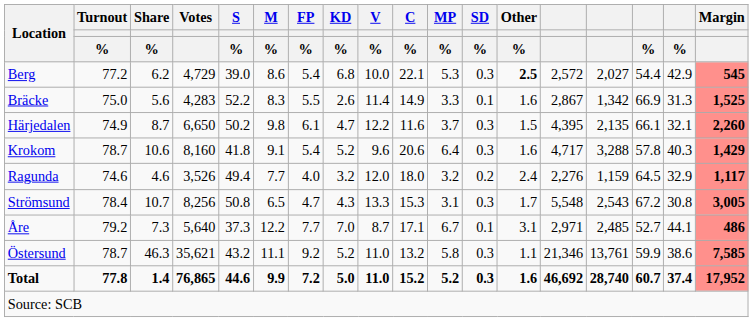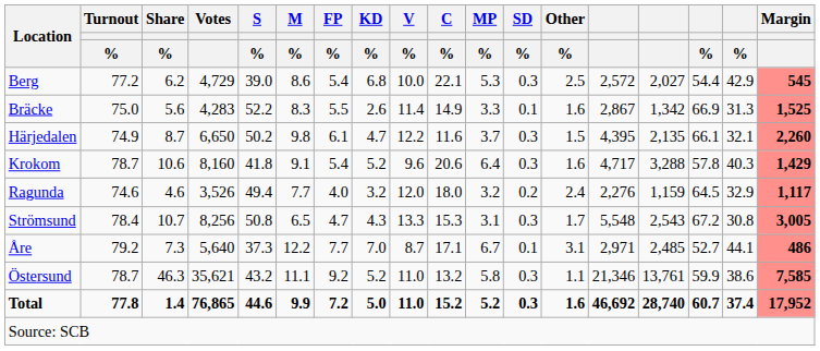 <table class="wikitable sortable" style="text-align:right; font-size:95%; line-height:20px;">
 <tr>
 <th rowspan="3">Location</th>
 <th>Turnout</th>
 <th>Share</th>
 <th>Votes</th>
 <th width="30px" class="unsortable"><a href='#'>S</a></th>
 <th width="30px" class="unsortable"><a href='#'>M</a></th>
 <th width="30px" class="unsortable"><a href='#'>FP</a></th>
 <th width="30px" class="unsortable"><a href='#'>KD</a></th>
 <th width="30px" class="unsortable"><a href='#'>V</a></th>
 <th width="30px" class="unsortable"><a href='#'>C</a></th>
 <th width="30px" class="unsortable"><a href='#'>MP</a></th>
 <th width="30px" class="unsortable"><a href='#'>SD</a></th>
 <th width="30px" class="unsortable">Other</th>
 <th></th>
 <th></th>
 <th></th>
 <th></th>
 <th>Margin</th>
 </tr>
 <tr>
 <th></th>
 <th></th>
 <th></th>
 <th style="background:"></th>
 <th style="background:"></th>
 <th style="background:"></th>
 <th style="background:"></th>
 <th style="background:"></th>
 <th style="background:"></th>
 <th style="background:"></th>
 <th style="background:"></th>
 <th style="background:"></th>
 <th style="background:"></th>
 <th style="background:"></th>
 <th style="background:"></th>
 <th style="background:"></th>
 <th></th>
 </tr>
 <tr>
 <th data-sort-type="number">%</th>
 <th data-sort-type="number">%</th>
 <th></th>
 <th data-sort-type="number">%</th>
 <th data-sort-type="number">%</th>
 <th data-sort-type="number">%</th>
 <th data-sort-type="number">%</th>
 <th data-sort-type="number">%</th>
 <th data-sort-type="number">%</th>
 <th data-sort-type="number">%</th>
 <th data-sort-type="number">%</th>
 <th data-sort-type="number">%</th>
 <th data-sort-type="number"></th>
 <th data-sort-type="number"></th>
 <th data-sort-type="number">%</th>
 <th data-sort-type="number">%</th>
 <th data-sort-type="number"></th>
 </tr>
 <tr>
 <td align=left><a href='#'>Berg</a></td>
 <td>77.2</td>
 <td>6.2</td>
 <td>4,729</td>
 <td>39.0</td>
 <td>8.6</td>
 <td>5.4</td>
 <td>6.8</td>
 <td>10.0</td>
 <td>22.1</td>
 <td>5.3</td>
 <td>0.3</td>
-<td><strong>2.5</strong></td>
+<td>2.5</td>
 <td>2,572</td>
 <td>2,027</td>
 <td>54.4</td>
 <td>42.9</td>
 <td bgcolor=#ff908c><strong>545</strong></td>
 </tr>
 <tr>
 <td align=left><a href='#'>Bräcke</a></td>
 <td>75.0</td>
 <td>5.6</td>
 <td>4,283</td>
 <td>52.2</td>
 <td>8.3</td>
 <td>5.5</td>
 <td>2.6</td>
 <td>11.4</td>
 <td>14.9</td>
 <td>3.3</td>
 <td>0.1</td>
 <td>1.6</td>
 <td>2,867</td>
 <td>1,342</td>
 <td>66.9</td>
 <td>31.3</td>
 <td bgcolor=#ff908c><strong>1,525</strong></td>
 </tr>
 <tr>
 <td align=left><a href='#'>Härjedalen</a></td>
 <td>74.9</td>
 <td>8.7</td>
 <td>6,650</td>
 <td>50.2</td>
 <td>9.8</td>
 <td>6.1</td>
 <td>4.7</td>
 <td>12.2</td>
 <td>11.6</td>
 <td>3.7</td>
 <td>0.3</td>
 <td>1.5</td>
 <td>4,395</td>
 <td>2,135</td>
 <td>66.1</td>
 <td>32.1</td>
 <td bgcolor=#ff908c><strong>2,260</strong></td>
 </tr>
 <tr>
 <td align=left><a href='#'>Krokom</a></td>
 <td>78.7</td>
 <td>10.6</td>
 <td>8,160</td>
 <td>41.8</td>
 <td>9.1</td>
 <td>5.4</td>
 <td>5.2</td>
 <td>9.6</td>
 <td>20.6</td>
 <td>6.4</td>
 <td>0.3</td>
 <td>1.6</td>
 <td>4,717</td>
 <td>3,288</td>
 <td>57.8</td>
 <td>40.3</td>
 <td bgcolor=#ff908c><strong>1,429</strong></td>
 </tr>
 <tr>
 <td align=left><a href='#'>Ragunda</a></td>
 <td>74.6</td>
 <td>4.6</td>
 <td>3,526</td>
 <td>49.4</td>
 <td>7.7</td>
 <td>4.0</td>
 <td>3.2</td>
 <td>12.0</td>
 <td>18.0</td>
 <td>3.2</td>
 <td>0.2</td>
 <td>2.4</td>
 <td>2,276</td>
 <td>1,159</td>
 <td>64.5</td>
 <td>32.9</td>
 <td bgcolor=#ff908c><strong>1,117</strong></td>
 </tr>
 <tr>
 <td align=left><a href='#'>Strömsund</a></td>
 <td>78.4</td>
 <td>10.7</td>
 <td>8,256</td>
 <td>50.8</td>
 <td>6.5</td>
 <td>4.7</td>
 <td>4.3</td>
 <td>13.3</td>
 <td>15.3</td>
 <td>3.1</td>
 <td>0.3</td>
 <td>1.7</td>
 <td>5,548</td>
 <td>2,543</td>
 <td>67.2</td>
 <td>30.8</td>
 <td bgcolor=#ff908c><strong>3,005</strong></td>
 </tr>
 <tr>
 <td align=left><a href='#'>Åre</a></td>
 <td>79.2</td>
 <td>7.3</td>
 <td>5,640</td>
 <td>37.3</td>
 <td>12.2</td>
 <td>7.7</td>
 <td>7.0</td>
 <td>8.7</td>
 <td>17.1</td>
 <td>6.7</td>
 <td>0.1</td>
 <td>3.1</td>
 <td>2,971</td>
 <td>2,485</td>
 <td>52.7</td>
 <td>44.1</td>
 <td bgcolor=#ff908c><strong>486</strong></td>
 </tr>
 <tr>
 <td align=left><a href='#'>Östersund</a></td>
 <td>78.7</td>
 <td>46.3</td>
 <td>35,621</td>
 <td>43.2</td>
 <td>11.1</td>
 <td>9.2</td>
 <td>5.2</td>
 <td>11.0</td>
 <td>13.2</td>
 <td>5.8</td>
 <td>0.3</td>
 <td>1.1</td>
 <td>21,346</td>
 <td>13,761</td>
 <td>59.9</td>
 <td>38.6</td>
 <td bgcolor=#ff908c><strong>7,585</strong></td>
 </tr>
 <tr>
 <td align=left><strong>Total</strong></td>
 <td><strong>77.8</strong></td>
 <td><strong>1.4</strong></td>
 <td><strong>76,865</strong></td>
 <td><strong>44.6</strong></td>
 <td><strong>9.9</strong></td>
 <td><strong>7.2</strong></td>
 <td><strong>5.0</strong></td>
 <td><strong>11.0</strong></td>
 <td><strong>15.2</strong></td>
 <td><strong>5.2</strong></td>
 <td><strong>0.3</strong></td>
 <td><strong>1.6</strong></td>
 <td><strong>46,692</strong></td>
 <td><strong>28,740</strong></td>
 <td><strong>60.7</strong></td>
 <td><strong>37.4</strong></td>
 <td bgcolor=#ff908c><strong>17,952</strong></td>
 </tr>
 <tr>
 <td align=left colspan=18>Source: SCB </td>
 </tr>
 </table>
